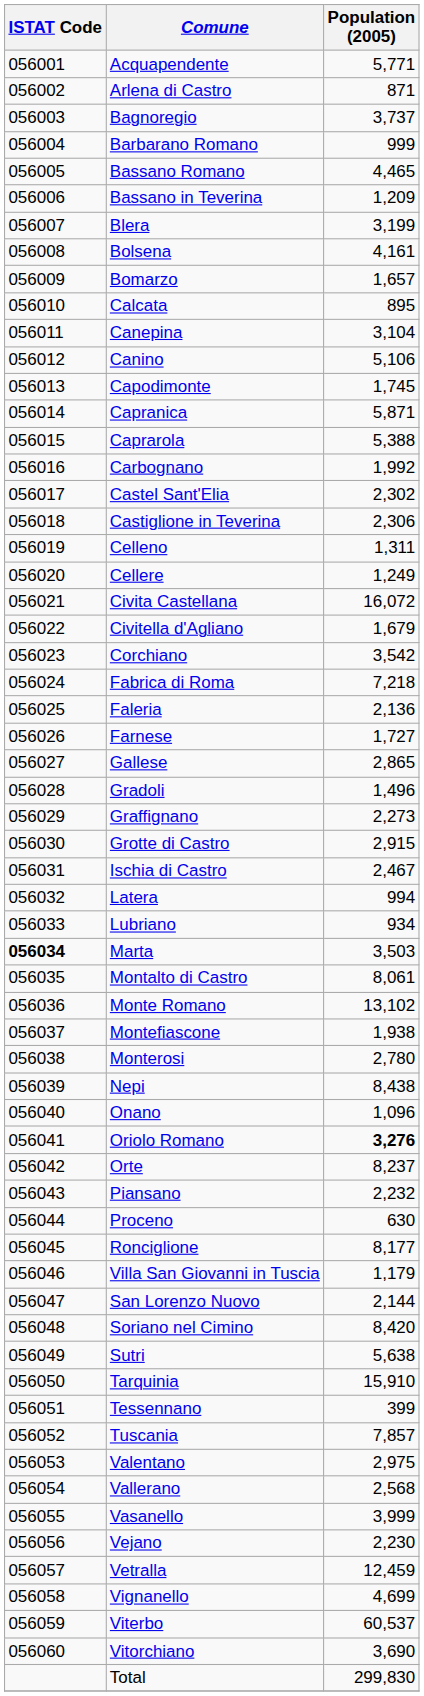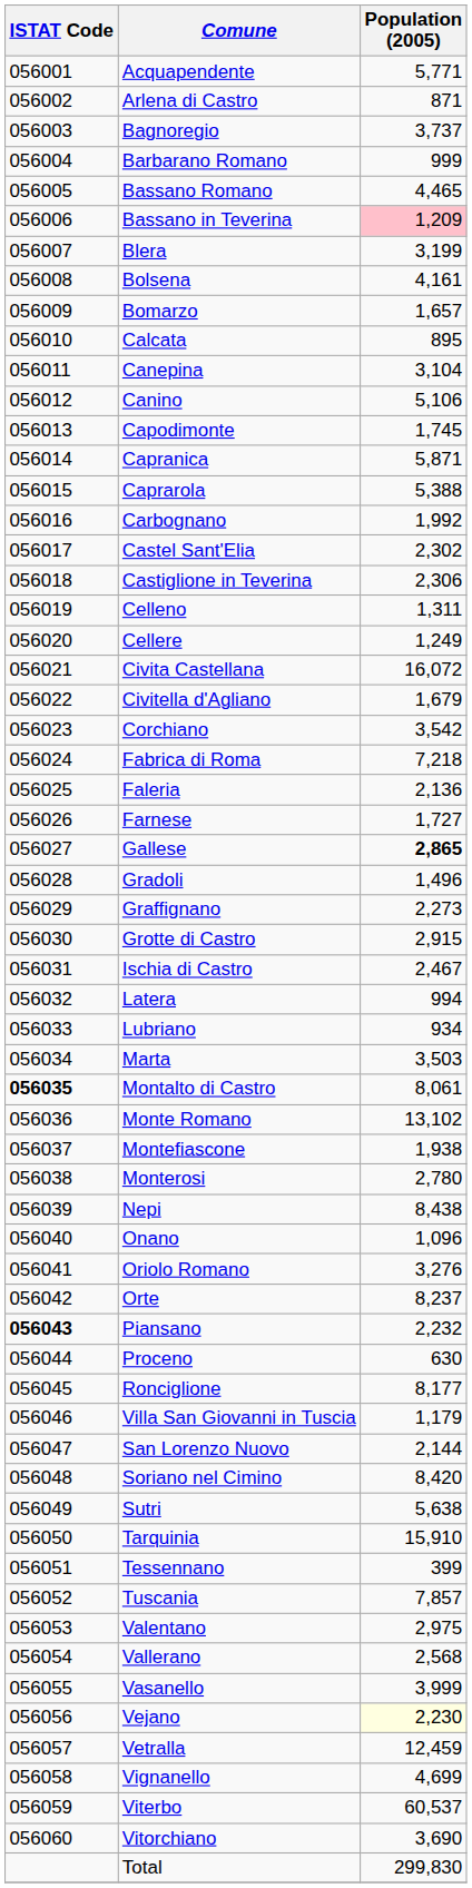 <table class="wikitable sortable">
 <tr>
 <th><a href='#'>ISTAT</a> Code</th>
 <th><em><a href='#'>Comune</a></em></th>
 <th>Population <br>(2005)</th>
 </tr>
 <tr>
 <td>056001</td>
 <td><a href='#'>Acquapendente</a></td>
 <td align="right">5,771</td>
 </tr>
 <tr>
 <td>056002</td>
 <td><a href='#'>Arlena di Castro</a></td>
 <td align="right">871</td>
 </tr>
 <tr>
 <td>056003</td>
 <td><a href='#'>Bagnoregio</a></td>
 <td align="right">3,737</td>
 </tr>
 <tr>
 <td>056004</td>
 <td><a href='#'>Barbarano Romano</a></td>
 <td align="right">999</td>
 </tr>
 <tr>
 <td>056005</td>
 <td><a href='#'>Bassano Romano</a></td>
 <td align="right">4,465</td>
 </tr>
 <tr>
 <td>056006</td>
 <td><a href='#'>Bassano in Teverina</a></td>
-<td align="right">1,209</td>
+<td align="right" style="background: pink;">1,209</td>
 </tr>
 <tr>
 <td>056007</td>
 <td><a href='#'>Blera</a></td>
 <td align="right">3,199</td>
 </tr>
 <tr>
 <td>056008</td>
 <td><a href='#'>Bolsena</a></td>
 <td align="right">4,161</td>
 </tr>
 <tr>
 <td>056009</td>
 <td><a href='#'>Bomarzo</a></td>
 <td align="right">1,657</td>
 </tr>
 <tr>
 <td>056010</td>
 <td><a href='#'>Calcata</a></td>
 <td align="right">895</td>
 </tr>
 <tr>
 <td>056011</td>
 <td><a href='#'>Canepina</a></td>
 <td align="right">3,104</td>
 </tr>
 <tr>
 <td>056012</td>
 <td><a href='#'>Canino</a></td>
 <td align="right">5,106</td>
 </tr>
 <tr>
 <td>056013</td>
 <td><a href='#'>Capodimonte</a></td>
 <td align="right">1,745</td>
 </tr>
 <tr>
 <td>056014</td>
 <td><a href='#'>Capranica</a></td>
 <td align="right">5,871</td>
 </tr>
 <tr>
 <td>056015</td>
 <td><a href='#'>Caprarola</a></td>
 <td align="right">5,388</td>
 </tr>
 <tr>
 <td>056016</td>
 <td><a href='#'>Carbognano</a></td>
 <td align="right">1,992</td>
 </tr>
 <tr>
 <td>056017</td>
 <td><a href='#'>Castel Sant'Elia</a></td>
 <td align="right">2,302</td>
 </tr>
 <tr>
 <td>056018</td>
 <td><a href='#'>Castiglione in Teverina</a></td>
 <td align="right">2,306</td>
 </tr>
 <tr>
 <td>056019</td>
 <td><a href='#'>Celleno</a></td>
 <td align="right">1,311</td>
 </tr>
 <tr>
 <td>056020</td>
 <td><a href='#'>Cellere</a></td>
 <td align="right">1,249</td>
 </tr>
 <tr>
 <td>056021</td>
 <td><a href='#'>Civita Castellana</a></td>
 <td align="right">16,072</td>
 </tr>
 <tr>
 <td>056022</td>
 <td><a href='#'>Civitella d'Agliano</a></td>
 <td align="right">1,679</td>
 </tr>
 <tr>
 <td>056023</td>
 <td><a href='#'>Corchiano</a></td>
 <td align="right">3,542</td>
 </tr>
 <tr>
 <td>056024</td>
 <td><a href='#'>Fabrica di Roma</a></td>
 <td align="right">7,218</td>
 </tr>
 <tr>
 <td>056025</td>
 <td><a href='#'>Faleria</a></td>
 <td align="right">2,136</td>
 </tr>
 <tr>
 <td>056026</td>
 <td><a href='#'>Farnese</a></td>
 <td align="right">1,727</td>
 </tr>
 <tr>
 <td>056027</td>
 <td><a href='#'>Gallese</a></td>
-<td align="right">2,865</td>
+<td align="right"><strong>2,865</strong></td>
 </tr>
 <tr>
 <td>056028</td>
 <td><a href='#'>Gradoli</a></td>
 <td align="right">1,496</td>
 </tr>
 <tr>
 <td>056029</td>
 <td><a href='#'>Graffignano</a></td>
 <td align="right">2,273</td>
 </tr>
 <tr>
 <td>056030</td>
 <td><a href='#'>Grotte di Castro</a></td>
 <td align="right">2,915</td>
 </tr>
 <tr>
 <td>056031</td>
 <td><a href='#'>Ischia di Castro</a></td>
 <td align="right">2,467</td>
 </tr>
 <tr>
 <td>056032</td>
 <td><a href='#'>Latera</a></td>
 <td align="right">994</td>
 </tr>
 <tr>
 <td>056033</td>
 <td><a href='#'>Lubriano</a></td>
 <td align="right">934</td>
 </tr>
 <tr>
-<td><strong>056034</strong></td>
+<td>056034</td>
 <td><a href='#'>Marta</a></td>
 <td align="right">3,503</td>
 </tr>
 <tr>
-<td>056035</td>
+<td><strong>056035</strong></td>
 <td><a href='#'>Montalto di Castro</a></td>
 <td align="right">8,061</td>
 </tr>
 <tr>
 <td>056036</td>
 <td><a href='#'>Monte Romano</a></td>
 <td align="right">13,102</td>
 </tr>
 <tr>
 <td>056037</td>
 <td><a href='#'>Montefiascone</a></td>
 <td align="right">1,938</td>
 </tr>
 <tr>
 <td>056038</td>
 <td><a href='#'>Monterosi</a></td>
 <td align="right">2,780</td>
 </tr>
 <tr>
 <td>056039</td>
 <td><a href='#'>Nepi</a></td>
 <td align="right">8,438</td>
 </tr>
 <tr>
 <td>056040</td>
 <td><a href='#'>Onano</a></td>
 <td align="right">1,096</td>
 </tr>
 <tr>
 <td>056041</td>
 <td><a href='#'>Oriolo Romano</a></td>
-<td align="right"><strong>3,276</strong></td>
+<td align="right">3,276</td>
 </tr>
 <tr>
 <td>056042</td>
 <td><a href='#'>Orte</a></td>
 <td align="right">8,237</td>
 </tr>
 <tr>
-<td>056043</td>
+<td><strong>056043</strong></td>
 <td><a href='#'>Piansano</a></td>
 <td align="right">2,232</td>
 </tr>
 <tr>
 <td>056044</td>
 <td><a href='#'>Proceno</a></td>
 <td align="right">630</td>
 </tr>
 <tr>
 <td>056045</td>
 <td><a href='#'>Ronciglione</a></td>
 <td align="right">8,177</td>
 </tr>
 <tr>
 <td>056046</td>
 <td><a href='#'>Villa San Giovanni in Tuscia</a></td>
 <td align="right">1,179</td>
 </tr>
 <tr>
 <td>056047</td>
 <td><a href='#'>San Lorenzo Nuovo</a></td>
 <td align="right">2,144</td>
 </tr>
 <tr>
 <td>056048</td>
 <td><a href='#'>Soriano nel Cimino</a></td>
 <td align="right">8,420</td>
 </tr>
 <tr>
 <td>056049</td>
 <td><a href='#'>Sutri</a></td>
 <td align="right">5,638</td>
 </tr>
 <tr>
 <td>056050</td>
 <td><a href='#'>Tarquinia</a></td>
 <td align="right">15,910</td>
 </tr>
 <tr>
 <td>056051</td>
 <td><a href='#'>Tessennano</a></td>
 <td align="right">399</td>
 </tr>
 <tr>
 <td>056052</td>
 <td><a href='#'>Tuscania</a></td>
 <td align="right">7,857</td>
 </tr>
 <tr>
 <td>056053</td>
 <td><a href='#'>Valentano</a></td>
 <td align="right">2,975</td>
 </tr>
 <tr>
 <td>056054</td>
 <td><a href='#'>Vallerano</a></td>
 <td align="right">2,568</td>
 </tr>
 <tr>
 <td>056055</td>
 <td><a href='#'>Vasanello</a></td>
 <td align="right">3,999</td>
 </tr>
 <tr>
 <td>056056</td>
 <td><a href='#'>Vejano</a></td>
-<td align="right">2,230</td>
+<td align="right" style="background: lightyellow;">2,230</td>
 </tr>
 <tr>
 <td>056057</td>
 <td><a href='#'>Vetralla</a></td>
 <td align="right">12,459</td>
 </tr>
 <tr>
 <td>056058</td>
 <td><a href='#'>Vignanello</a></td>
 <td align="right">4,699</td>
 </tr>
 <tr>
 <td>056059</td>
 <td><a href='#'>Viterbo</a></td>
 <td align="right">60,537</td>
 </tr>
 <tr>
 <td>056060</td>
 <td><a href='#'>Vitorchiano</a></td>
 <td align="right">3,690</td>
 </tr>
 <tr>
 <td></td>
 <td>Total</td>
 <td align="right">299,830</td>
 </tr>
 <tr>
 </tr>
 </table>
